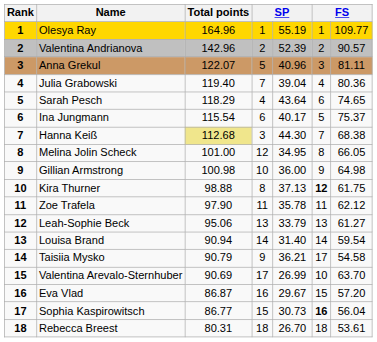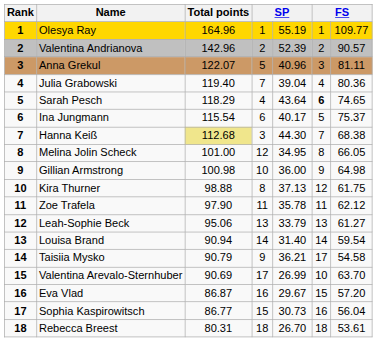 <table class="wikitable sortable">
 <tr>
 <th>Rank</th>
 <th>Name</th>
 <th>Total points</th>
 <th colspan="2" width="80px"><a href='#'>SP</a></th>
 <th colspan="2" width="80px"><a href='#'>FS</a></th>
 </tr>
 <tr bgcolor="gold">
 <td align="center"><strong>1</strong></td>
 <td>Olesya Ray</td>
 <td align="center">164.96</td>
 <td align="center">1</td>
 <td align="center">55.19</td>
 <td align="center">1</td>
 <td align="center">109.77</td>
 </tr>
 <tr bgcolor="silver">
 <td align="center"><strong>2</strong></td>
 <td>Valentina Andrianova</td>
 <td align="center">142.96</td>
 <td align="center">2</td>
 <td align="center">52.39</td>
 <td align="center">2</td>
 <td align="center">90.57</td>
 </tr>
 <tr bgcolor="cc9966">
 <td align="center"><strong>3</strong></td>
 <td>Anna Grekul</td>
 <td align="center">122.07</td>
 <td align="center">5</td>
 <td align="center">40.96</td>
 <td align="center">3</td>
 <td align="center">81.11</td>
 </tr>
 <tr>
 <td align="center"><strong>4</strong></td>
 <td>Julia Grabowski</td>
 <td align="center">119.40</td>
 <td align="center">7</td>
 <td align="center">39.04</td>
 <td align="center">4</td>
 <td align="center">80.36</td>
 </tr>
 <tr>
 <td align="center"><strong>5</strong></td>
 <td>Sarah Pesch</td>
 <td align="center">118.29</td>
 <td align="center">4</td>
 <td align="center">43.64</td>
-<td align="center">6</td>
+<td align="center"><strong>6</strong></td>
 <td align="center">74.65</td>
 </tr>
 <tr>
 <td align="center"><strong>6</strong></td>
 <td>Ina Jungmann</td>
 <td align="center">115.54</td>
 <td align="center">6</td>
 <td align="center">40.17</td>
 <td align="center">5</td>
 <td align="center">75.37</td>
 </tr>
 <tr>
 <td align="center"><strong>7</strong></td>
 <td>Hanna Keiß</td>
 <td align="center" style="background: khaki;">112.68</td>
 <td align="center">3</td>
 <td align="center">44.30</td>
 <td align="center">7</td>
 <td align="center">68.38</td>
 </tr>
 <tr>
 <td align="center"><strong>8</strong></td>
 <td>Melina Jolin Scheck</td>
 <td align="center">101.00</td>
 <td align="center">12</td>
 <td align="center">34.95</td>
 <td align="center">8</td>
 <td align="center">66.05</td>
 </tr>
 <tr>
 <td align="center"><strong>9</strong></td>
 <td>Gillian Armstrong</td>
 <td align="center">100.98</td>
 <td align="center">10</td>
 <td align="center">36.00</td>
 <td align="center">9</td>
 <td align="center">64.98</td>
 </tr>
 <tr>
 <td align="center"><strong>10</strong></td>
 <td>Kira Thurner</td>
 <td align="center">98.88</td>
 <td align="center">8</td>
 <td align="center">37.13</td>
-<td align="center"><strong>12</strong></td>
+<td align="center">12</td>
 <td align="center">61.75</td>
 </tr>
 <tr>
 <td align="center"><strong>11</strong></td>
 <td>Zoe Trafela</td>
 <td align="center">97.90</td>
 <td align="center">11</td>
 <td align="center">35.78</td>
 <td align="center">11</td>
 <td align="center">62.12</td>
 </tr>
 <tr>
 <td align="center"><strong>12</strong></td>
 <td>Leah-Sophie Beck</td>
 <td align="center">95.06</td>
 <td align="center">13</td>
 <td align="center">33.79</td>
 <td align="center">13</td>
 <td align="center">61.27</td>
 </tr>
 <tr>
 <td align="center"><strong>13</strong></td>
 <td>Louisa Brand</td>
 <td align="center">90.94</td>
 <td align="center">14</td>
 <td align="center">31.40</td>
 <td align="center">14</td>
 <td align="center">59.54</td>
 </tr>
 <tr>
 <td align="center"><strong>14</strong></td>
 <td>Taisiia Mysko</td>
 <td align="center">90.79</td>
 <td align="center">9</td>
 <td align="center">36.21</td>
 <td align="center">17</td>
 <td align="center">54.58</td>
 </tr>
 <tr>
 <td align="center"><strong>15</strong></td>
 <td>Valentina Arevalo-Sternhuber</td>
 <td align="center">90.69</td>
 <td align="center">17</td>
 <td align="center">26.99</td>
 <td align="center">10</td>
 <td align="center">63.70</td>
 </tr>
 <tr>
 <td align="center"><strong>16</strong></td>
 <td>Eva Vlad</td>
 <td align="center">86.87</td>
 <td align="center">16</td>
 <td align="center">29.67</td>
 <td align="center">15</td>
 <td align="center">57.20</td>
 </tr>
 <tr>
 <td align="center"><strong>17</strong></td>
 <td>Sophia Kaspirowitsch</td>
 <td align="center">86.77</td>
 <td align="center">15</td>
 <td align="center">30.73</td>
-<td align="center"><strong>16</strong></td>
+<td align="center">16</td>
 <td align="center">56.04</td>
 </tr>
 <tr>
 <td align="center"><strong>18</strong></td>
 <td>Rebecca Breest</td>
 <td align="center">80.31</td>
 <td align="center">18</td>
 <td align="center">26.70</td>
 <td align="center">18</td>
 <td align="center">53.61</td>
 </tr>
 </table>
